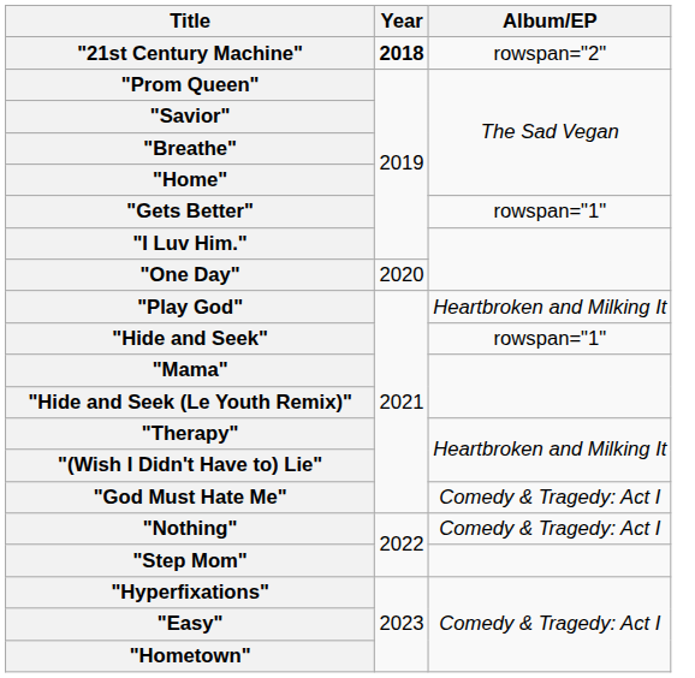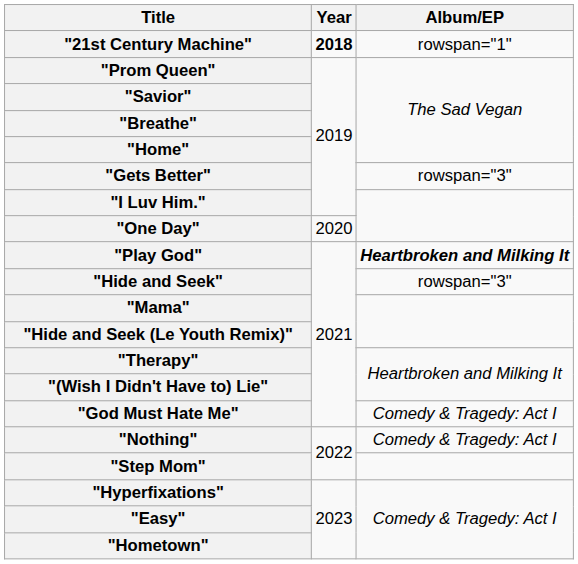 <table class="wikitable plainrowheaders" style="text-align:center;">
 <tr>
 <th scope="col" style="width:18em;">Title</th>
 <th scope="col" style="width:1em;">Year</th>
 <th scope="col">Album/EP</th>
 </tr>
 <tr>
 <th scope="row">"21st Century Machine"</th>
 <td><strong>2018</strong></td>
-<td>rowspan="2" </td>
+<td>rowspan="1" </td>
 </tr>
 <tr>
 <th scope="row">"Prom Queen"</th>
 <td rowspan="6">2019</td>
 <td rowspan="4"><em>The Sad Vegan</em></td>
 </tr>
 <tr>
 <th Scope="row">"Savior"</th>
 </tr>
 <tr>
 <th Scope="row">"Breathe"</th>
 </tr>
 <tr>
 <th Scope="row">"Home"</th>
 </tr>
 <tr>
 <th Scope="row">"Gets Better"</th>
-<td>rowspan="1" </td>
+<td>rowspan="3" </td>
 </tr>
 <tr>
 <th Scope="row">"I Luv Him."</th>
 </tr>
 <tr>
 <th Scope="row">"One Day"</th>
 <td>2020</td>
 </tr>
 <tr>
 <th Scope="row">"Play God"</th>
 <td rowspan="7">2021</td>
-<td><em>Heartbroken and Milking It</em></td>
+<td><strong><em>Heartbroken and Milking It</em></strong></td>
 </tr>
 <tr>
 <th Scope="row">"Hide and Seek"</th>
-<td>rowspan="1" </td>
+<td>rowspan="3" </td>
 </tr>
 <tr>
 <th Scope="row">"Mama"</th>
 </tr>
 <tr>
 <th Scope="row">"Hide and Seek (Le Youth Remix)"</th>
 </tr>
 <tr>
 <th scope="row">"Therapy"</th>
 <td rowspan="2"><em>Heartbroken and Milking It</em></td>
 </tr>
 <tr>
 <th scope="row">"(Wish I Didn't Have to) Lie"<br></th>
 </tr>
 <tr>
 <th scope="row">"God Must Hate Me"</th>
 <td rowspan="1"><em>Comedy & Tragedy: Act I</em></td>
 </tr>
 <tr>
 <th scope="row">"Nothing"</th>
 <td rowspan="2">2022</td>
 <td rowspan="1"><em>Comedy & Tragedy: Act I</em></td>
 </tr>
 <tr>
 <th Scope="row">"Step Mom"</th>
 </tr>
 <tr>
 <th scope="row">"Hyperfixations"</th>
 <td rowspan="3">2023</td>
 <td rowspan="3"><em>Comedy & Tragedy: Act I</em></td>
 </tr>
 <tr>
 <th Scope="row">"Easy"</th>
 </tr>
 <tr>
 <th Scope="row">"Hometown"</th>
 </tr>
 </table>
